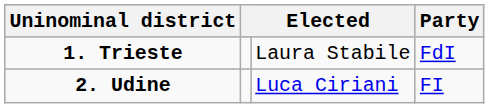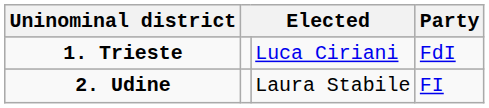 <table class="wikitable">
 <tr>
 <th>Uninominal district</th>
 <th colspan="2">Elected</th>
 <th>Party</th>
 </tr>
 <tr>
 <td align="center"><strong>1. Trieste</strong></td>
 <td></td>
-<td>Laura Stabile</td>
+<td><a href='#'>Luca Ciriani</a></td>
 <td><a href='#'>FdI</a></td>
 </tr>
 <tr>
 <td align="center"><strong>2. Udine</strong></td>
 <td></td>
-<td><a href='#'>Luca Ciriani</a></td>
+<td>Laura Stabile</td>
 <td><a href='#'>FI</a></td>
 </tr>
 </table>
